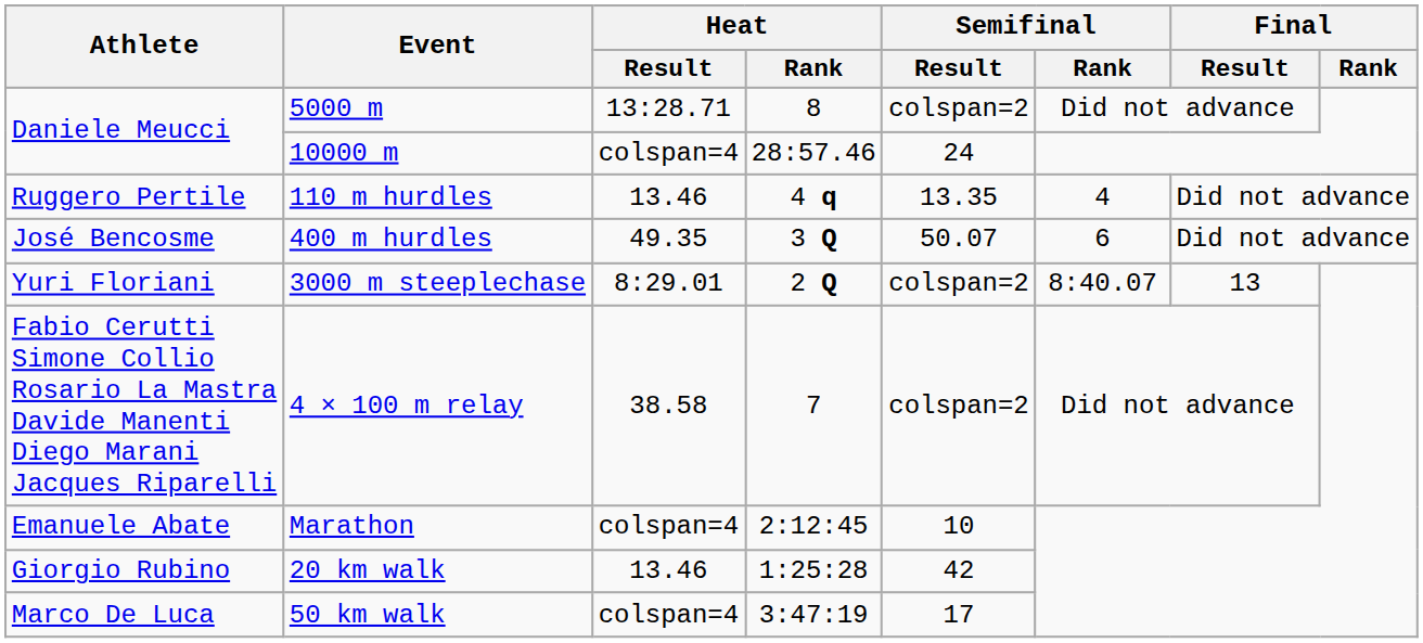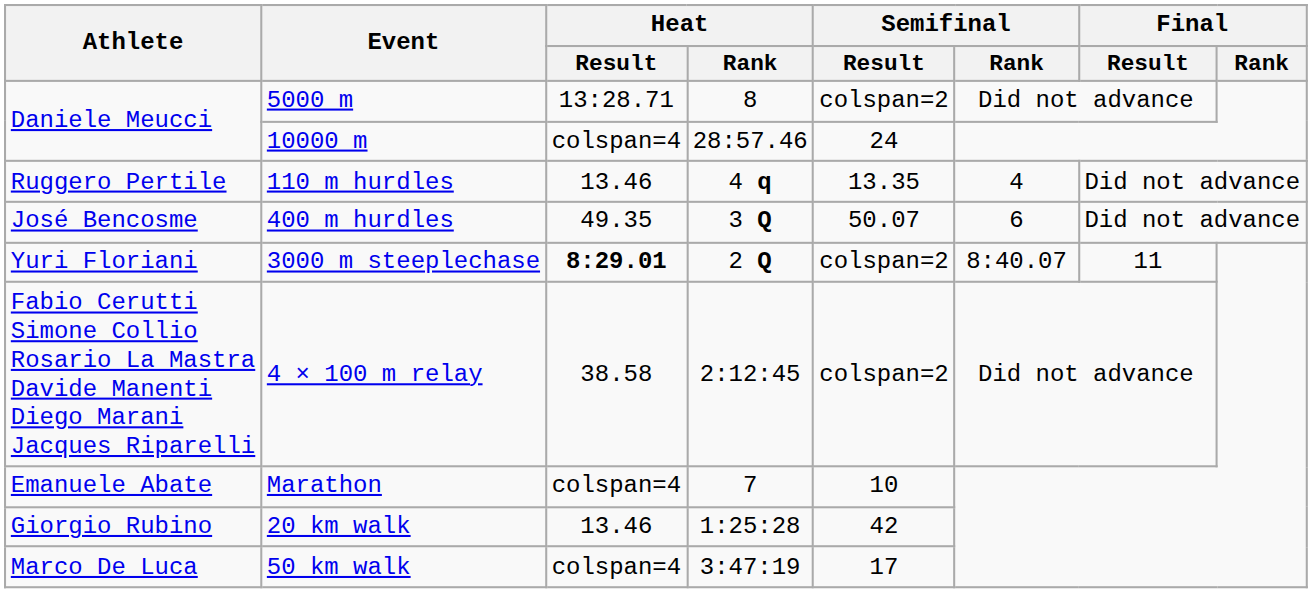 <table class="wikitable" style="font-size:90%">
 <tr>
 <th rowspan="2">Athlete</th>
 <th rowspan="2">Event</th>
 <th colspan="2">Heat</th>
 <th colspan="2">Semifinal</th>
 <th colspan="2">Final</th>
 </tr>
 <tr style="font-size:95%">
 <th>Result</th>
 <th>Rank</th>
 <th>Result</th>
 <th>Rank</th>
 <th>Result</th>
 <th>Rank</th>
 </tr>
 <tr align=center>
 <td align=left rowspan=2><a href='#'>Daniele Meucci</a></td>
 <td align=left><a href='#'>5000 m</a></td>
 <td>13:28.71</td>
 <td>8</td>
 <td>colspan=2 </td>
 <td colspan=2>Did not advance</td>
 </tr>
 <tr align=center>
 <td align=left><a href='#'>10000 m</a></td>
 <td>colspan=4 </td>
 <td>28:57.46</td>
 <td>24</td>
 </tr>
 <tr align=center>
 <td align=left><a href='#'>Ruggero Pertile</a></td>
 <td align=left><a href='#'>110 m hurdles</a></td>
 <td>13.46</td>
 <td>4 <strong>q</strong></td>
 <td>13.35</td>
 <td>4</td>
 <td colspan=2>Did not advance</td>
 </tr>
 <tr align=center>
 <td align=left><a href='#'>José Bencosme</a></td>
 <td align=left><a href='#'>400 m hurdles</a></td>
 <td>49.35</td>
 <td>3 <strong>Q</strong></td>
 <td>50.07</td>
 <td>6</td>
 <td colspan=2>Did not advance</td>
 </tr>
 <tr align=center>
 <td align=left><a href='#'>Yuri Floriani</a></td>
 <td align=left><a href='#'>3000 m steeplechase</a></td>
-<td>8:29.01</td>
+<td><strong>8:29.01</strong></td>
 <td>2 <strong>Q</strong></td>
 <td>colspan=2 </td>
 <td>8:40.07</td>
-<td>13</td>
+<td>11</td>
 </tr>
 <tr align=center>
 <td align=left><a href='#'>Fabio Cerutti</a><br><a href='#'>Simone Collio</a><br><a href='#'>Rosario La Mastra</a><br><a href='#'>Davide Manenti</a><br><a href='#'>Diego Marani</a><br><a href='#'>Jacques Riparelli</a></td>
 <td align=left><a href='#'>4 × 100 m relay</a></td>
 <td>38.58</td>
-<td>7</td>
+<td>2:12:45</td>
 <td>colspan=2 </td>
 <td colspan=2>Did not advance</td>
 </tr>
 <tr align=center>
 <td align=left><a href='#'>Emanuele Abate</a></td>
 <td align=left><a href='#'>Marathon</a></td>
 <td>colspan=4 </td>
-<td>2:12:45</td>
+<td>7</td>
 <td>10</td>
 </tr>
 <tr align=center>
 <td align=left><a href='#'>Giorgio Rubino</a></td>
 <td align=left><a href='#'>20 km walk</a></td>
 <td>13.46</td>
 <td>1:25:28</td>
 <td>42</td>
 </tr>
 <tr align=center>
 <td align=left><a href='#'>Marco De Luca</a></td>
 <td align=left><a href='#'>50 km walk</a></td>
 <td>colspan=4 </td>
 <td>3:47:19</td>
 <td>17</td>
 </tr>
 </table>
